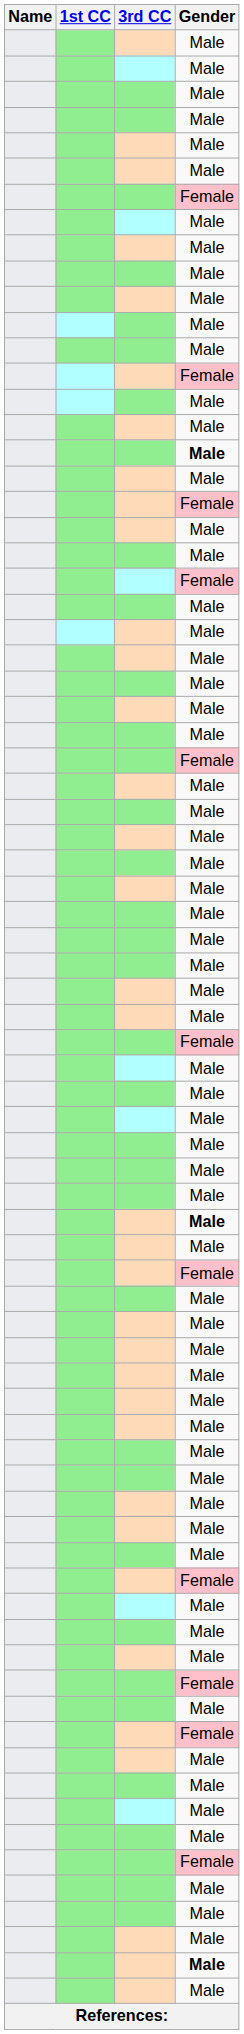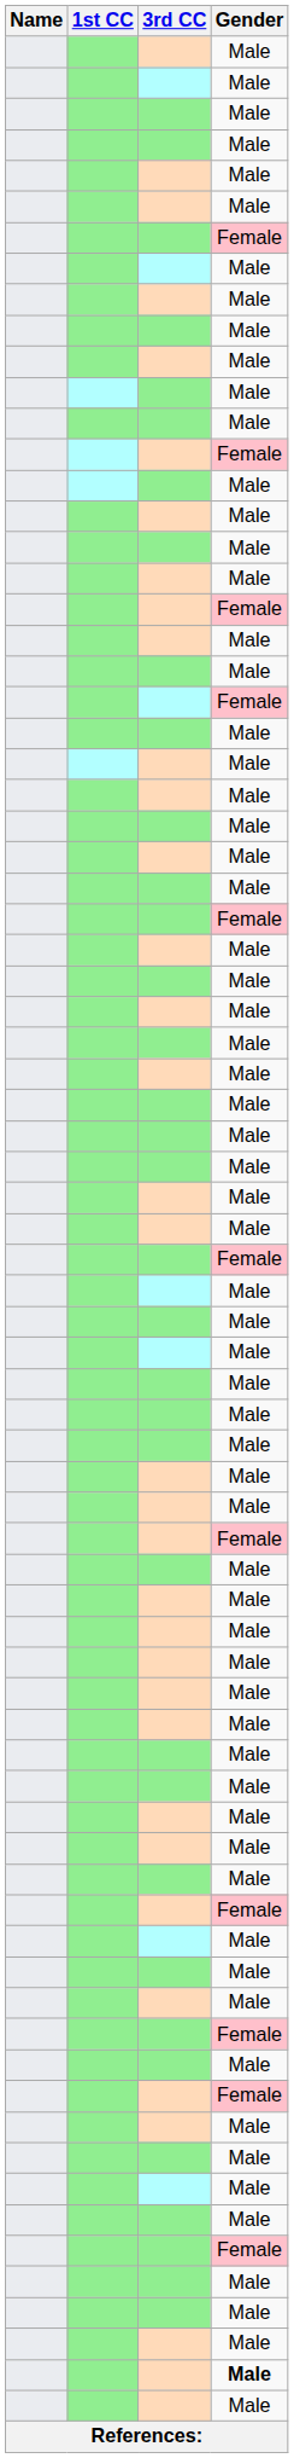 <table class="wikitable sortable" style=text-align:center>
 <tr>
 <th>Name</th>
 <th unsortable><a href='#'>1st CC</a></th>
 <th unsortable><a href='#'>3rd CC</a></th>
 <th>Gender</th>
 </tr>
 <tr>
 <td bgcolor = #EAECF0></td>
 <td bgcolor = LightGreen></td>
 <td bgcolor = PeachPuff></td>
 <td>Male</td>
 </tr>
 <tr>
 <td bgcolor = #EAECF0></td>
 <td bgcolor = LightGreen></td>
 <td bgcolor = #B2FFFF></td>
 <td>Male</td>
 </tr>
 <tr>
 <td bgcolor = #EAECF0></td>
 <td bgcolor = LightGreen></td>
 <td bgcolor = LightGreen></td>
 <td>Male</td>
 </tr>
 <tr>
 <td bgcolor = #EAECF0></td>
 <td bgcolor = LightGreen></td>
 <td bgcolor = LightGreen></td>
 <td>Male</td>
 </tr>
 <tr>
 <td bgcolor = #EAECF0></td>
 <td bgcolor = LightGreen></td>
 <td bgcolor = PeachPuff></td>
 <td>Male</td>
 </tr>
 <tr>
 <td bgcolor = #EAECF0></td>
 <td bgcolor = LightGreen></td>
 <td bgcolor = PeachPuff></td>
 <td>Male</td>
 </tr>
 <tr>
 <td bgcolor = #EAECF0></td>
 <td bgcolor = LightGreen></td>
 <td bgcolor = LightGreen></td>
 <td bgcolor = Pink>Female</td>
 </tr>
 <tr>
 <td bgcolor = #EAECF0></td>
 <td bgcolor = LightGreen></td>
 <td bgcolor = #B2FFFF></td>
 <td>Male</td>
 </tr>
 <tr>
 <td bgcolor = #EAECF0></td>
 <td bgcolor = LightGreen></td>
 <td bgcolor = PeachPuff></td>
 <td>Male</td>
 </tr>
 <tr>
 <td bgcolor = #EAECF0></td>
 <td bgcolor = LightGreen></td>
 <td bgcolor = LightGreen></td>
 <td>Male</td>
 </tr>
 <tr>
 <td bgcolor = #EAECF0></td>
 <td bgcolor = LightGreen></td>
 <td bgcolor = PeachPuff></td>
 <td>Male</td>
 </tr>
 <tr>
 <td bgcolor = #EAECF0></td>
 <td bgcolor = #B2FFFF></td>
 <td bgcolor = LightGreen></td>
 <td>Male</td>
 </tr>
 <tr>
 <td bgcolor = #EAECF0></td>
 <td bgcolor = LightGreen></td>
 <td bgcolor = LightGreen></td>
 <td>Male</td>
 </tr>
 <tr>
 <td bgcolor = #EAECF0></td>
 <td bgcolor = #B2FFFF></td>
 <td bgcolor = PeachPuff></td>
 <td bgcolor = Pink>Female</td>
 </tr>
 <tr>
 <td bgcolor = #EAECF0></td>
 <td bgcolor = #B2FFFF></td>
 <td bgcolor = LightGreen></td>
 <td>Male</td>
 </tr>
 <tr>
 <td bgcolor = #EAECF0></td>
 <td bgcolor = LightGreen></td>
 <td bgcolor = PeachPuff></td>
 <td>Male</td>
 </tr>
 <tr>
 <td bgcolor = #EAECF0></td>
 <td bgcolor = LightGreen></td>
 <td bgcolor = LightGreen></td>
-<td><strong>Male</strong></td>
+<td>Male</td>
 </tr>
 <tr>
 <td bgcolor = #EAECF0></td>
 <td bgcolor = LightGreen></td>
 <td bgcolor = PeachPuff></td>
 <td>Male</td>
 </tr>
 <tr>
 <td bgcolor = #EAECF0></td>
 <td bgcolor = LightGreen></td>
 <td bgcolor = PeachPuff></td>
 <td bgcolor = Pink>Female</td>
 </tr>
 <tr>
 <td bgcolor = #EAECF0></td>
 <td bgcolor = LightGreen></td>
 <td bgcolor = PeachPuff></td>
 <td>Male</td>
 </tr>
 <tr>
 <td bgcolor = #EAECF0></td>
 <td bgcolor = LightGreen></td>
 <td bgcolor = LightGreen></td>
 <td>Male</td>
 </tr>
 <tr>
 <td bgcolor = #EAECF0></td>
 <td bgcolor = LightGreen></td>
 <td bgcolor = #B2FFFF></td>
 <td bgcolor = Pink>Female</td>
 </tr>
 <tr>
 <td bgcolor = #EAECF0></td>
 <td bgcolor = LightGreen></td>
 <td bgcolor = LightGreen></td>
 <td>Male</td>
 </tr>
 <tr>
 <td bgcolor = #EAECF0></td>
 <td bgcolor = #B2FFFF></td>
 <td bgcolor = PeachPuff></td>
 <td>Male</td>
 </tr>
 <tr>
 <td bgcolor = #EAECF0></td>
 <td bgcolor = LightGreen></td>
 <td bgcolor = PeachPuff></td>
 <td>Male</td>
 </tr>
 <tr>
 <td bgcolor = #EAECF0></td>
 <td bgcolor = LightGreen></td>
 <td bgcolor = LightGreen></td>
 <td>Male</td>
 </tr>
 <tr>
 <td bgcolor = #EAECF0></td>
 <td bgcolor = LightGreen></td>
 <td bgcolor = PeachPuff></td>
 <td>Male</td>
 </tr>
 <tr>
 <td bgcolor = #EAECF0></td>
 <td bgcolor = LightGreen></td>
 <td bgcolor = LightGreen></td>
 <td>Male</td>
 </tr>
 <tr>
 <td bgcolor = #EAECF0></td>
 <td bgcolor = LightGreen></td>
 <td bgcolor = LightGreen></td>
 <td bgcolor = Pink>Female</td>
 </tr>
 <tr>
 <td bgcolor = #EAECF0></td>
 <td bgcolor = LightGreen></td>
 <td bgcolor = PeachPuff></td>
 <td>Male</td>
 </tr>
 <tr>
 <td bgcolor = #EAECF0></td>
 <td bgcolor = LightGreen></td>
 <td bgcolor = LightGreen></td>
 <td>Male</td>
 </tr>
 <tr>
 <td bgcolor = #EAECF0></td>
 <td bgcolor = LightGreen></td>
 <td bgcolor = PeachPuff></td>
 <td>Male</td>
 </tr>
 <tr>
 <td bgcolor = #EAECF0></td>
 <td bgcolor = LightGreen></td>
 <td bgcolor = LightGreen></td>
 <td>Male</td>
 </tr>
 <tr>
 <td bgcolor = #EAECF0></td>
 <td bgcolor = LightGreen></td>
 <td bgcolor = PeachPuff></td>
 <td>Male</td>
 </tr>
 <tr>
 <td bgcolor = #EAECF0></td>
 <td bgcolor = LightGreen></td>
 <td bgcolor = LightGreen></td>
 <td>Male</td>
 </tr>
 <tr>
 <td bgcolor = #EAECF0></td>
 <td bgcolor = LightGreen></td>
 <td bgcolor = LightGreen></td>
 <td>Male</td>
 </tr>
 <tr>
 <td bgcolor = #EAECF0></td>
 <td bgcolor = LightGreen></td>
 <td bgcolor = LightGreen></td>
 <td>Male</td>
 </tr>
 <tr>
 <td bgcolor = #EAECF0></td>
 <td bgcolor = LightGreen></td>
 <td bgcolor = PeachPuff></td>
 <td>Male</td>
 </tr>
 <tr>
 <td bgcolor = #EAECF0></td>
 <td bgcolor = LightGreen></td>
 <td bgcolor = PeachPuff></td>
 <td>Male</td>
 </tr>
 <tr>
 <td bgcolor = #EAECF0></td>
 <td bgcolor = LightGreen></td>
 <td bgcolor = LightGreen></td>
 <td bgcolor = Pink>Female</td>
 </tr>
 <tr>
 <td bgcolor = #EAECF0></td>
 <td bgcolor = LightGreen></td>
 <td bgcolor = #B2FFFF></td>
 <td>Male</td>
 </tr>
 <tr>
 <td bgcolor = #EAECF0></td>
 <td bgcolor = LightGreen></td>
 <td bgcolor = LightGreen></td>
 <td>Male</td>
 </tr>
 <tr>
 <td bgcolor = #EAECF0></td>
 <td bgcolor = LightGreen></td>
 <td bgcolor = #B2FFFF></td>
 <td>Male</td>
 </tr>
 <tr>
 <td bgcolor = #EAECF0></td>
 <td bgcolor = LightGreen></td>
 <td bgcolor = LightGreen></td>
 <td>Male</td>
 </tr>
 <tr>
 <td bgcolor = #EAECF0></td>
 <td bgcolor = LightGreen></td>
 <td bgcolor = LightGreen></td>
 <td>Male</td>
 </tr>
 <tr>
 <td bgcolor = #EAECF0></td>
 <td bgcolor = LightGreen></td>
 <td bgcolor = LightGreen></td>
 <td>Male</td>
 </tr>
 <tr>
 <td bgcolor = #EAECF0></td>
 <td bgcolor = LightGreen></td>
 <td bgcolor = PeachPuff></td>
-<td><strong>Male</strong></td>
+<td>Male</td>
 </tr>
 <tr>
 <td bgcolor = #EAECF0></td>
 <td bgcolor = LightGreen></td>
 <td bgcolor = PeachPuff></td>
 <td>Male</td>
 </tr>
 <tr>
 <td bgcolor = #EAECF0></td>
 <td bgcolor = LightGreen></td>
 <td bgcolor = PeachPuff></td>
 <td bgcolor = Pink>Female</td>
 </tr>
 <tr>
 <td bgcolor = #EAECF0></td>
 <td bgcolor = LightGreen></td>
 <td bgcolor = LightGreen></td>
 <td>Male</td>
 </tr>
 <tr>
 <td bgcolor = #EAECF0></td>
 <td bgcolor = LightGreen></td>
 <td bgcolor = PeachPuff></td>
 <td>Male</td>
 </tr>
 <tr>
 <td bgcolor = #EAECF0></td>
 <td bgcolor = LightGreen></td>
 <td bgcolor = PeachPuff></td>
 <td>Male</td>
 </tr>
 <tr>
 <td bgcolor = #EAECF0></td>
 <td bgcolor = LightGreen></td>
 <td bgcolor = PeachPuff></td>
 <td>Male</td>
 </tr>
 <tr>
 <td bgcolor = #EAECF0></td>
 <td bgcolor = LightGreen></td>
 <td bgcolor = PeachPuff></td>
 <td>Male</td>
 </tr>
 <tr>
 <td bgcolor = #EAECF0></td>
 <td bgcolor = LightGreen></td>
 <td bgcolor = PeachPuff></td>
 <td>Male</td>
 </tr>
 <tr>
 <td bgcolor = #EAECF0></td>
 <td bgcolor = LightGreen></td>
 <td bgcolor = LightGreen></td>
 <td>Male</td>
 </tr>
 <tr>
 <td bgcolor = #EAECF0></td>
 <td bgcolor = LightGreen></td>
 <td bgcolor = LightGreen></td>
 <td>Male</td>
 </tr>
 <tr>
 <td bgcolor = #EAECF0></td>
 <td bgcolor = LightGreen></td>
 <td bgcolor = PeachPuff></td>
 <td>Male</td>
 </tr>
 <tr>
 <td bgcolor = #EAECF0></td>
 <td bgcolor = LightGreen></td>
 <td bgcolor = PeachPuff></td>
 <td>Male</td>
 </tr>
 <tr>
 <td bgcolor = #EAECF0></td>
 <td bgcolor = LightGreen></td>
 <td bgcolor = LightGreen></td>
 <td>Male</td>
 </tr>
 <tr>
 <td bgcolor = #EAECF0></td>
 <td bgcolor = LightGreen></td>
 <td bgcolor = PeachPuff></td>
 <td bgcolor = Pink>Female</td>
 </tr>
 <tr>
 <td bgcolor = #EAECF0></td>
 <td bgcolor = LightGreen></td>
 <td bgcolor = #B2FFFF></td>
 <td>Male</td>
 </tr>
 <tr>
 <td bgcolor = #EAECF0></td>
 <td bgcolor = LightGreen></td>
 <td bgcolor = LightGreen></td>
 <td>Male</td>
 </tr>
 <tr>
 <td bgcolor = #EAECF0></td>
 <td bgcolor = LightGreen></td>
 <td bgcolor = PeachPuff></td>
 <td>Male</td>
 </tr>
 <tr>
 <td bgcolor = #EAECF0></td>
 <td bgcolor = LightGreen></td>
 <td bgcolor = LightGreen></td>
 <td bgcolor = Pink>Female</td>
 </tr>
 <tr>
 <td bgcolor = #EAECF0></td>
 <td bgcolor = LightGreen></td>
 <td bgcolor = LightGreen></td>
 <td>Male</td>
 </tr>
 <tr>
 <td bgcolor = #EAECF0></td>
 <td bgcolor = LightGreen></td>
 <td bgcolor = PeachPuff></td>
 <td bgcolor = Pink>Female</td>
 </tr>
 <tr>
 <td bgcolor = #EAECF0></td>
 <td bgcolor = LightGreen></td>
 <td bgcolor = PeachPuff></td>
 <td>Male</td>
 </tr>
 <tr>
 <td bgcolor = #EAECF0></td>
 <td bgcolor = LightGreen></td>
 <td bgcolor = LightGreen></td>
 <td>Male</td>
 </tr>
 <tr>
 <td bgcolor = #EAECF0></td>
 <td bgcolor = LightGreen></td>
 <td bgcolor = #B2FFFF></td>
 <td>Male</td>
 </tr>
 <tr>
 <td bgcolor = #EAECF0></td>
 <td bgcolor = LightGreen></td>
 <td bgcolor = LightGreen></td>
 <td>Male</td>
 </tr>
 <tr>
 <td bgcolor = #EAECF0></td>
 <td bgcolor = LightGreen></td>
 <td bgcolor = LightGreen></td>
 <td bgcolor = Pink>Female</td>
 </tr>
 <tr>
 <td bgcolor = #EAECF0></td>
 <td bgcolor = LightGreen></td>
 <td bgcolor = LightGreen></td>
 <td>Male</td>
 </tr>
 <tr>
 <td bgcolor = #EAECF0></td>
 <td bgcolor = LightGreen></td>
 <td bgcolor = LightGreen></td>
 <td>Male</td>
 </tr>
 <tr>
 <td bgcolor = #EAECF0></td>
 <td bgcolor = LightGreen></td>
 <td bgcolor = PeachPuff></td>
 <td>Male</td>
 </tr>
 <tr>
 <td bgcolor = #EAECF0></td>
 <td bgcolor = LightGreen></td>
 <td bgcolor = PeachPuff></td>
 <td><strong>Male</strong></td>
 </tr>
 <tr>
 <td bgcolor = #EAECF0></td>
 <td bgcolor = LightGreen></td>
 <td bgcolor = PeachPuff></td>
 <td>Male</td>
 </tr>
 <tr class=sortbottom>
 <th colspan = "23" align = left><strong>References:</strong><br></th>
 </tr>
 </table>
